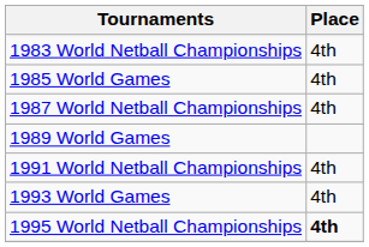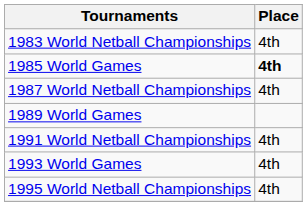 <table class="wikitable collapsible">
 <tr>
 <th>Tournaments</th>
 <th>Place</th>
 </tr>
 <tr>
 <td><a href='#'>1983 World Netball Championships</a></td>
 <td>4th</td>
 </tr>
 <tr>
 <td><a href='#'>1985 World Games</a></td>
-<td>4th</td>
+<td><strong>4th</strong></td>
 </tr>
 <tr>
 <td><a href='#'>1987 World Netball Championships</a></td>
 <td>4th</td>
 </tr>
 <tr>
 <td><a href='#'>1989 World Games</a></td>
 <td></td>
 </tr>
 <tr>
 <td><a href='#'>1991 World Netball Championships</a></td>
 <td>4th</td>
 </tr>
 <tr>
 <td><a href='#'>1993 World Games</a></td>
 <td>4th</td>
 </tr>
 <tr>
 <td><a href='#'>1995 World Netball Championships</a></td>
-<td><strong>4th</strong></td>
+<td>4th</td>
 </tr>
 <tr>
 </tr>
 </table>
